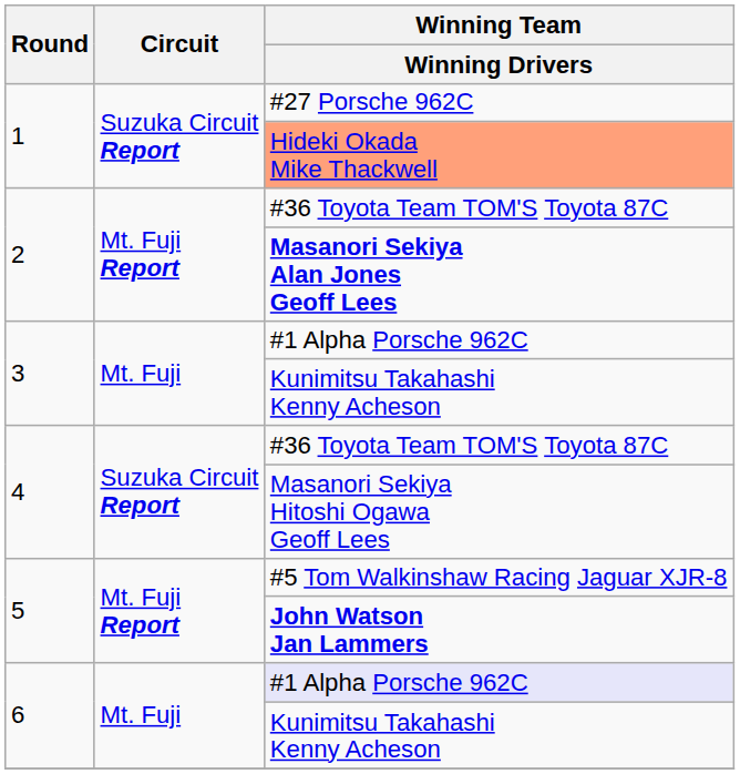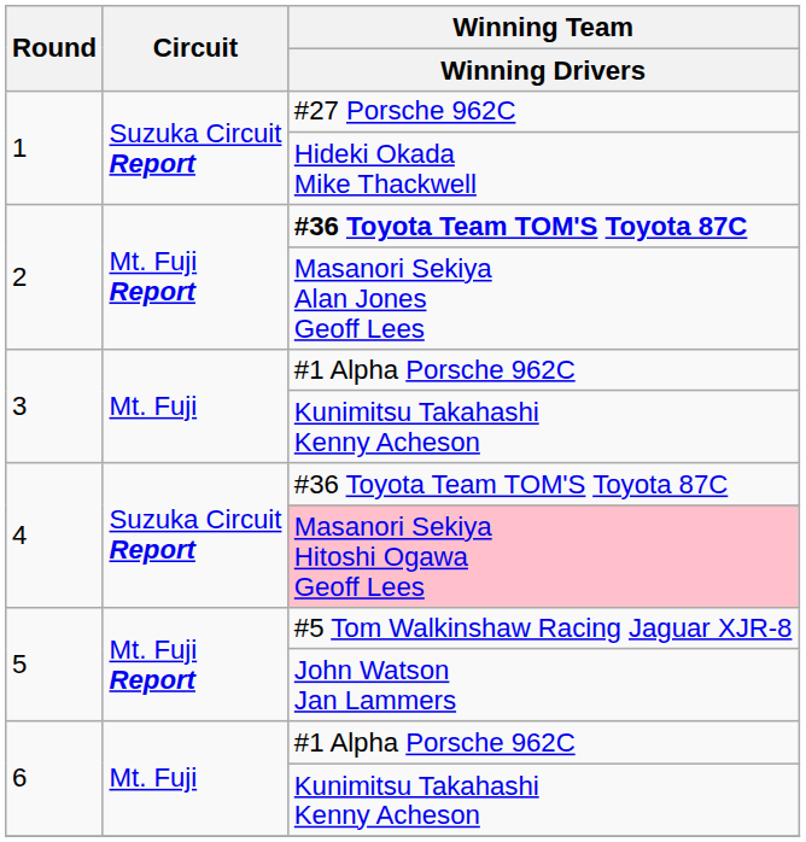 <table class="wikitable" style="font-size: 90%;">
 <tr>
 <th rowspan=2>Round</th>
 <th rowspan=2>Circuit</th>
 <th>Winning Team</th>
 </tr>
 <tr>
 <th>Winning Drivers</th>
 </tr>
 <tr>
 <td rowspan=2>1</td>
 <td rowspan=2><a href='#'>Suzuka Circuit</a><br><strong><em><a href='#'>Report</a></em></strong></td>
 <td>#27   <a href='#'>Porsche 962C</a></td>
 </tr>
 <tr>
-<td style="background: lightsalmon;"> <a href='#'>Hideki Okada</a><br> <a href='#'>Mike Thackwell</a></td>
+<td> <a href='#'>Hideki Okada</a><br> <a href='#'>Mike Thackwell</a></td>
 </tr>
 <tr>
 <td rowspan=2>2</td>
 <td rowspan=2><a href='#'>Mt. Fuji</a><br><strong><em><a href='#'>Report</a></em></strong></td>
-<td>#36 <a href='#'>Toyota Team TOM'S</a> <a href='#'>Toyota 87C</a></td>
+<td><strong>#36 <a href='#'>Toyota Team TOM'S</a> <a href='#'>Toyota 87C</a></strong></td>
 </tr>
 <tr>
-<td><strong> <a href='#'>Masanori Sekiya</a><br> <a href='#'>Alan Jones</a><br> <a href='#'>Geoff Lees</a></strong></td>
+<td> <a href='#'>Masanori Sekiya</a><br> <a href='#'>Alan Jones</a><br> <a href='#'>Geoff Lees</a></td>
 </tr>
 <tr>
 <td rowspan=2>3</td>
 <td rowspan=2><a href='#'>Mt. Fuji</a></td>
 <td>#1 Alpha  <a href='#'>Porsche 962C</a></td>
 </tr>
 <tr>
 <td> <a href='#'>Kunimitsu Takahashi</a><br> <a href='#'>Kenny Acheson</a></td>
 </tr>
 <tr>
 <td rowspan=2>4</td>
 <td rowspan=2><a href='#'>Suzuka Circuit</a><br><strong><em><a href='#'>Report</a></em></strong></td>
 <td>#36 <a href='#'>Toyota Team TOM'S</a> <a href='#'>Toyota 87C</a></td>
 </tr>
 <tr>
-<td> <a href='#'>Masanori Sekiya</a><br> <a href='#'>Hitoshi Ogawa</a><br> <a href='#'>Geoff Lees</a></td>
+<td style="background: pink;"> <a href='#'>Masanori Sekiya</a><br> <a href='#'>Hitoshi Ogawa</a><br> <a href='#'>Geoff Lees</a></td>
 </tr>
 <tr>
 <td rowspan=2>5</td>
 <td rowspan=2><a href='#'>Mt. Fuji</a><br><strong><em><a href='#'>Report</a></em></strong></td>
 <td>#5 <a href='#'>Tom Walkinshaw Racing</a> <a href='#'>Jaguar XJR-8</a></td>
 </tr>
 <tr>
-<td><strong> <a href='#'>John Watson</a><br> <a href='#'>Jan Lammers</a></strong></td>
+<td> <a href='#'>John Watson</a><br> <a href='#'>Jan Lammers</a></td>
 </tr>
 <tr>
 <td rowspan=2>6</td>
 <td rowspan=2><a href='#'>Mt. Fuji</a></td>
-<td style="background: lavender;">#1 Alpha  <a href='#'>Porsche 962C</a></td>
+<td>#1 Alpha  <a href='#'>Porsche 962C</a></td>
 </tr>
 <tr>
 <td> <a href='#'>Kunimitsu Takahashi</a><br> <a href='#'>Kenny Acheson</a></td>
 </tr>
 <tr>
 </tr>
 </table>
